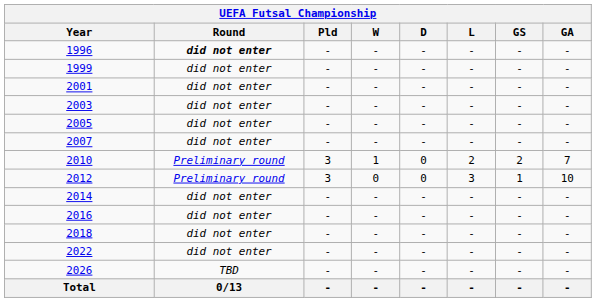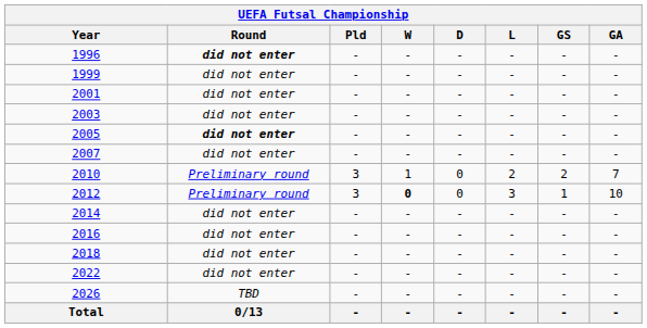 <table class="wikitable" width=50% style="text-align: center;font-size:90%;">
 <tr>
 <th colspan=9><a href='#'>UEFA Futsal Championship</a></th>
 </tr>
 <tr>
 <th width=25%>Year</th>
 <th width=25%>Round</th>
 <th width=8%>Pld</th>
 <th width=8%>W</th>
 <th width=8%>D</th>
 <th width=8%>L</th>
 <th width=8%>GS</th>
 <th width=8%>GA</th>
 </tr>
 <tr>
 <td><a href='#'>1996</a></td>
 <td><strong><em>did not enter</em></strong></td>
 <td>-</td>
 <td>-</td>
 <td>-</td>
 <td>-</td>
 <td>-</td>
 <td>-</td>
 </tr>
 <tr>
 <td><a href='#'>1999</a></td>
 <td><em>did not enter</em></td>
 <td>-</td>
 <td>-</td>
 <td>-</td>
 <td>-</td>
 <td>-</td>
 <td>-</td>
 </tr>
 <tr>
 <td><a href='#'>2001</a></td>
 <td><em>did not enter</em></td>
 <td>-</td>
 <td>-</td>
 <td>-</td>
 <td>-</td>
 <td>-</td>
 <td>-</td>
 </tr>
 <tr>
 <td><a href='#'>2003</a></td>
 <td><em>did not enter</em></td>
 <td>-</td>
 <td>-</td>
 <td>-</td>
 <td>-</td>
 <td>-</td>
 <td>-</td>
 </tr>
 <tr>
 <td><a href='#'>2005</a></td>
-<td><em>did not enter</em></td>
+<td><strong><em>did not enter</em></strong></td>
 <td>-</td>
 <td>-</td>
 <td>-</td>
 <td>-</td>
 <td>-</td>
 <td>-</td>
 </tr>
 <tr>
 <td><a href='#'>2007</a></td>
 <td><em>did not enter</em></td>
 <td>-</td>
 <td>-</td>
 <td>-</td>
 <td>-</td>
 <td>-</td>
 <td>-</td>
 </tr>
 <tr>
 <td><a href='#'>2010</a></td>
 <td><em><a href='#'>Preliminary round</a></em></td>
 <td>3</td>
 <td>1</td>
 <td>0</td>
 <td>2</td>
 <td>2</td>
 <td>7</td>
 </tr>
 <tr>
 <td><a href='#'>2012</a></td>
 <td><em><a href='#'>Preliminary round</a></em></td>
 <td>3</td>
-<td>0</td>
+<td><strong>0</strong></td>
 <td>0</td>
 <td>3</td>
 <td>1</td>
 <td>10</td>
 </tr>
 <tr>
 <td><a href='#'>2014</a></td>
 <td><em>did not enter</em></td>
 <td>-</td>
 <td>-</td>
 <td>-</td>
 <td>-</td>
 <td>-</td>
 <td>-</td>
 </tr>
 <tr>
 <td><a href='#'>2016</a></td>
 <td><em>did not enter</em></td>
 <td>-</td>
 <td>-</td>
 <td>-</td>
 <td>-</td>
 <td>-</td>
 <td>-</td>
 </tr>
 <tr>
 <td><a href='#'>2018</a></td>
 <td><em>did not enter</em></td>
 <td>-</td>
 <td>-</td>
 <td>-</td>
 <td>-</td>
 <td>-</td>
 <td>-</td>
 </tr>
 <tr>
 <td><a href='#'>2022</a></td>
 <td><em>did not enter</em></td>
 <td>-</td>
 <td>-</td>
 <td>-</td>
 <td>-</td>
 <td>-</td>
 <td>-</td>
 </tr>
 <tr>
 <td><a href='#'>2026</a></td>
 <td><em>TBD</em></td>
 <td>-</td>
 <td>-</td>
 <td>-</td>
 <td>-</td>
 <td>-</td>
 <td>-</td>
 </tr>
 <tr>
 <th><strong>Total</strong></th>
 <th>0/13</th>
 <th>-</th>
 <th>-</th>
 <th>-</th>
 <th>-</th>
 <th>-</th>
 <th>-</th>
 </tr>
 </table>
